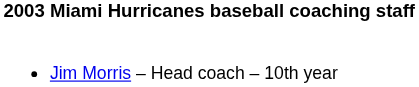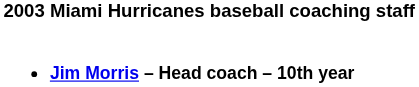 <table class="toccolours">
 <tr>
 <th colspan=9>2003 Miami Hurricanes baseball coaching staff</th>
 </tr>
 <tr>
-<td style="text-align: left; font-size: 95%;" valign="top"><br><ul><li><a href='#'>Jim Morris</a> – Head coach – 10th year</li></ul></td>
+<td style="text-align: left; font-size: 95%;" valign="top"><strong><br><ul><li><a href='#'>Jim Morris</a> – Head coach – 10th year</li></ul></strong></td>
 </tr>
 </table>
